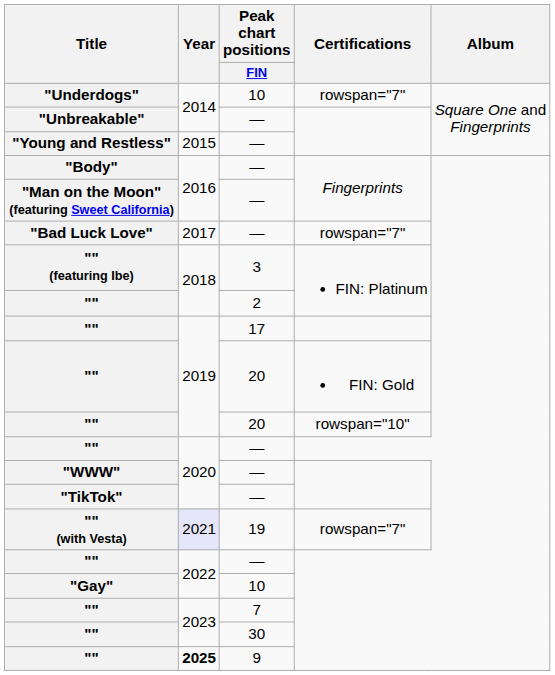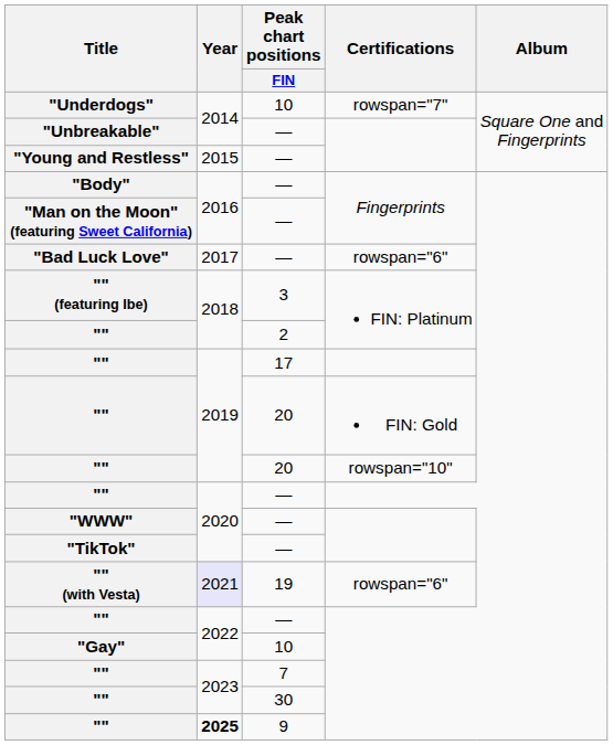 <table class="wikitable plainrowheaders" style="text-align:center;">
 <tr>
 <th scope="col" rowspan="2" style="width:11em;">Title</th>
 <th scope="col" rowspan="2">Year</th>
 <th scope="col">Peak chart positions</th>
 <th scope="col" rowspan="2">Certifications</th>
 <th scope="col" rowspan="2">Album</th>
 </tr>
 <tr>
 <th scope="col" style="width:3em;font-size:85%;"><a href='#'>FIN</a><br></th>
 </tr>
 <tr>
 <th scope="row">"Underdogs"</th>
 <td rowspan="2">2014</td>
 <td>10</td>
 <td>rowspan="7" </td>
 <td rowspan="3"><em>Square One</em> and <br> <em>Fingerprints</em></td>
 </tr>
 <tr>
 <th scope="row">"Unbreakable"</th>
 <td>—</td>
 </tr>
 <tr>
 <th scope="row">"Young and Restless"</th>
 <td>2015</td>
 <td>—</td>
 </tr>
 <tr>
 <th scope="row">"Body"</th>
 <td rowspan="2">2016</td>
 <td>—</td>
 <td rowspan="2"><em>Fingerprints</em></td>
 </tr>
 <tr>
 <th scope="row">"Man on the Moon"<br><small>(featuring <a href='#'>Sweet California</a>)</small></th>
 <td>—</td>
 </tr>
 <tr>
 <th scope="row">"Bad Luck Love"</th>
 <td>2017</td>
 <td>—</td>
-<td>rowspan="7" </td>
+<td>rowspan="6" </td>
 </tr>
 <tr>
 <th scope="row">""<br><small>(featuring Ibe)</small></th>
 <td rowspan="2">2018</td>
 <td>3</td>
 <td rowspan="2"><br><ul><li>FIN: Platinum</li></ul></td>
 </tr>
 <tr>
 <th scope="row">""</th>
 <td>2</td>
 </tr>
 <tr>
 <th scope="row">""</th>
 <td rowspan="3">2019</td>
 <td>17</td>
 <td></td>
 </tr>
 <tr>
 <th scope="row">""</th>
 <td>20</td>
 <td><br><ul><li>FIN: Gold</li></ul></td>
 </tr>
 <tr>
 <th scope="row">""</th>
 <td>20</td>
 <td>rowspan="10" </td>
 </tr>
 <tr>
 <th scope="row">""</th>
 <td rowspan="3">2020</td>
 <td>—</td>
 </tr>
 <tr>
 <th scope="row">"WWW"</th>
 <td>—</td>
 <td rowspan="2"></td>
 </tr>
 <tr>
 <th scope="row">"TikTok"</th>
 <td>—</td>
 </tr>
 <tr>
 <th scope="row">""<br><small>(with Vesta)</small></th>
 <td style="background: lavender;">2021</td>
 <td>19</td>
-<td>rowspan="7" </td>
+<td>rowspan="6" </td>
 </tr>
 <tr>
 <th scope="row">""</th>
 <td rowspan="2">2022</td>
 <td>—</td>
 </tr>
 <tr>
 <th scope="row">"Gay"</th>
 <td>10</td>
 </tr>
 <tr>
 <th scope="row">""</th>
 <td rowspan="2">2023</td>
 <td>7</td>
 </tr>
 <tr>
 <th scope="row">""</th>
 <td>30</td>
 </tr>
 <tr>
 <th scope="row">""</th>
 <td><strong>2025</strong></td>
 <td>9</td>
 </tr>
 </table>
